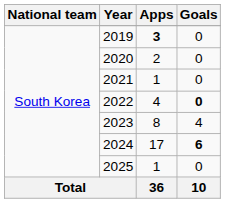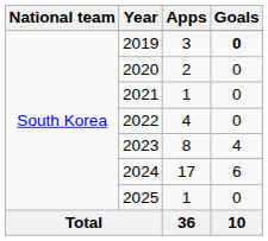 <table class="wikitable" style="text-align:center">
 <tr>
 <th>National team</th>
 <th>Year</th>
 <th>Apps</th>
 <th>Goals</th>
 </tr>
 <tr>
 <td rowspan="8"><a href='#'>South Korea</a></td>
 </tr>
 <tr>
 <td>2019</td>
-<td><strong>3</strong></td>
-<td>0</td>
+<td>3</td>
+<td><strong>0</strong></td>
 </tr>
 <tr>
 <td>2020</td>
 <td>2</td>
 <td>0</td>
 </tr>
 <tr>
 <td>2021</td>
 <td>1</td>
 <td>0</td>
 </tr>
 <tr>
 <td>2022</td>
 <td>4</td>
-<td><strong>0</strong></td>
+<td>0</td>
 </tr>
 <tr>
 <td>2023</td>
 <td>8</td>
 <td>4</td>
 </tr>
 <tr>
 <td>2024</td>
 <td>17</td>
-<td><strong>6</strong></td>
+<td>6</td>
 </tr>
 <tr>
 <td>2025</td>
 <td>1</td>
 <td>0</td>
 </tr>
 <tr>
 <th colspan="2">Total</th>
 <th>36</th>
 <th>10</th>
 </tr>
 </table>
